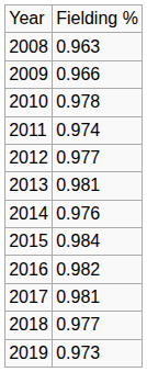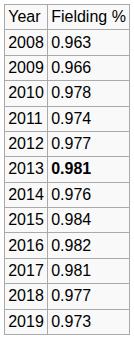 <table class="wikitable">
 <tr>
 <td>Year</td>
 <td>Fielding %</td>
 </tr>
 <tr>
 <td>2008</td>
 <td>0.963</td>
 </tr>
 <tr>
 <td>2009</td>
 <td>0.966</td>
 </tr>
 <tr>
 <td>2010</td>
 <td>0.978</td>
 </tr>
 <tr>
 <td>2011</td>
 <td>0.974</td>
 </tr>
 <tr>
 <td>2012</td>
 <td>0.977</td>
 </tr>
 <tr>
 <td>2013</td>
-<td>0.981</td>
+<td><strong>0.981</strong></td>
 </tr>
 <tr>
 <td>2014</td>
 <td>0.976</td>
 </tr>
 <tr>
 <td>2015</td>
 <td>0.984</td>
 </tr>
 <tr>
 <td>2016</td>
 <td>0.982</td>
 </tr>
 <tr>
 <td>2017</td>
 <td>0.981</td>
 </tr>
 <tr>
 <td>2018</td>
 <td>0.977</td>
 </tr>
 <tr>
 <td>2019</td>
 <td>0.973</td>
 </tr>
 </table>
